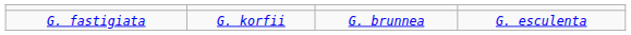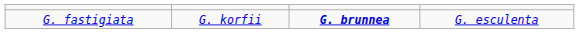 <table class="wikitable" style="width:640px; margin: 1em auto; text-align: center;">
 <tr>
 <td></td>
 <td></td>
 <td></td>
 <td></td>
 </tr>
 <tr>
 <td><em><a href='#'>G. fastigiata</a></em></td>
 <td><em><a href='#'>G. korfii</a></em></td>
-<td><em><a href='#'>G. brunnea</a></em></td>
+<td><strong><em><a href='#'>G. brunnea</a></em></strong></td>
 <td><em><a href='#'>G. esculenta</a></em></td>
 </tr>
 </table>
